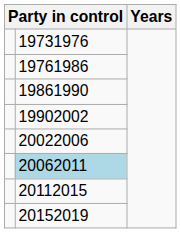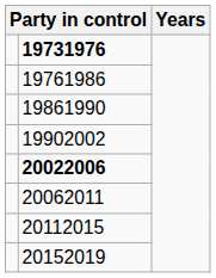 <table class="wikitable">
 <tr>
 <th colspan="2">Party in control</th>
 <th>Years</th>
 </tr>
 <tr>
 <td></td>
-<td>19731976</td>
+<td><strong>19731976</strong></td>
 </tr>
 <tr>
 <td></td>
 <td>19761986</td>
 </tr>
 <tr>
 <td></td>
 <td>19861990</td>
 </tr>
 <tr>
 <td></td>
 <td>19902002</td>
 </tr>
 <tr>
 <td></td>
-<td>20022006</td>
+<td><strong>20022006</strong></td>
 </tr>
 <tr>
 <td></td>
-<td style="background: lightblue;">20062011</td>
+<td>20062011</td>
 </tr>
 <tr>
 <td></td>
 <td>20112015</td>
 </tr>
 <tr>
 <td></td>
 <td>20152019</td>
 </tr>
 </table>
